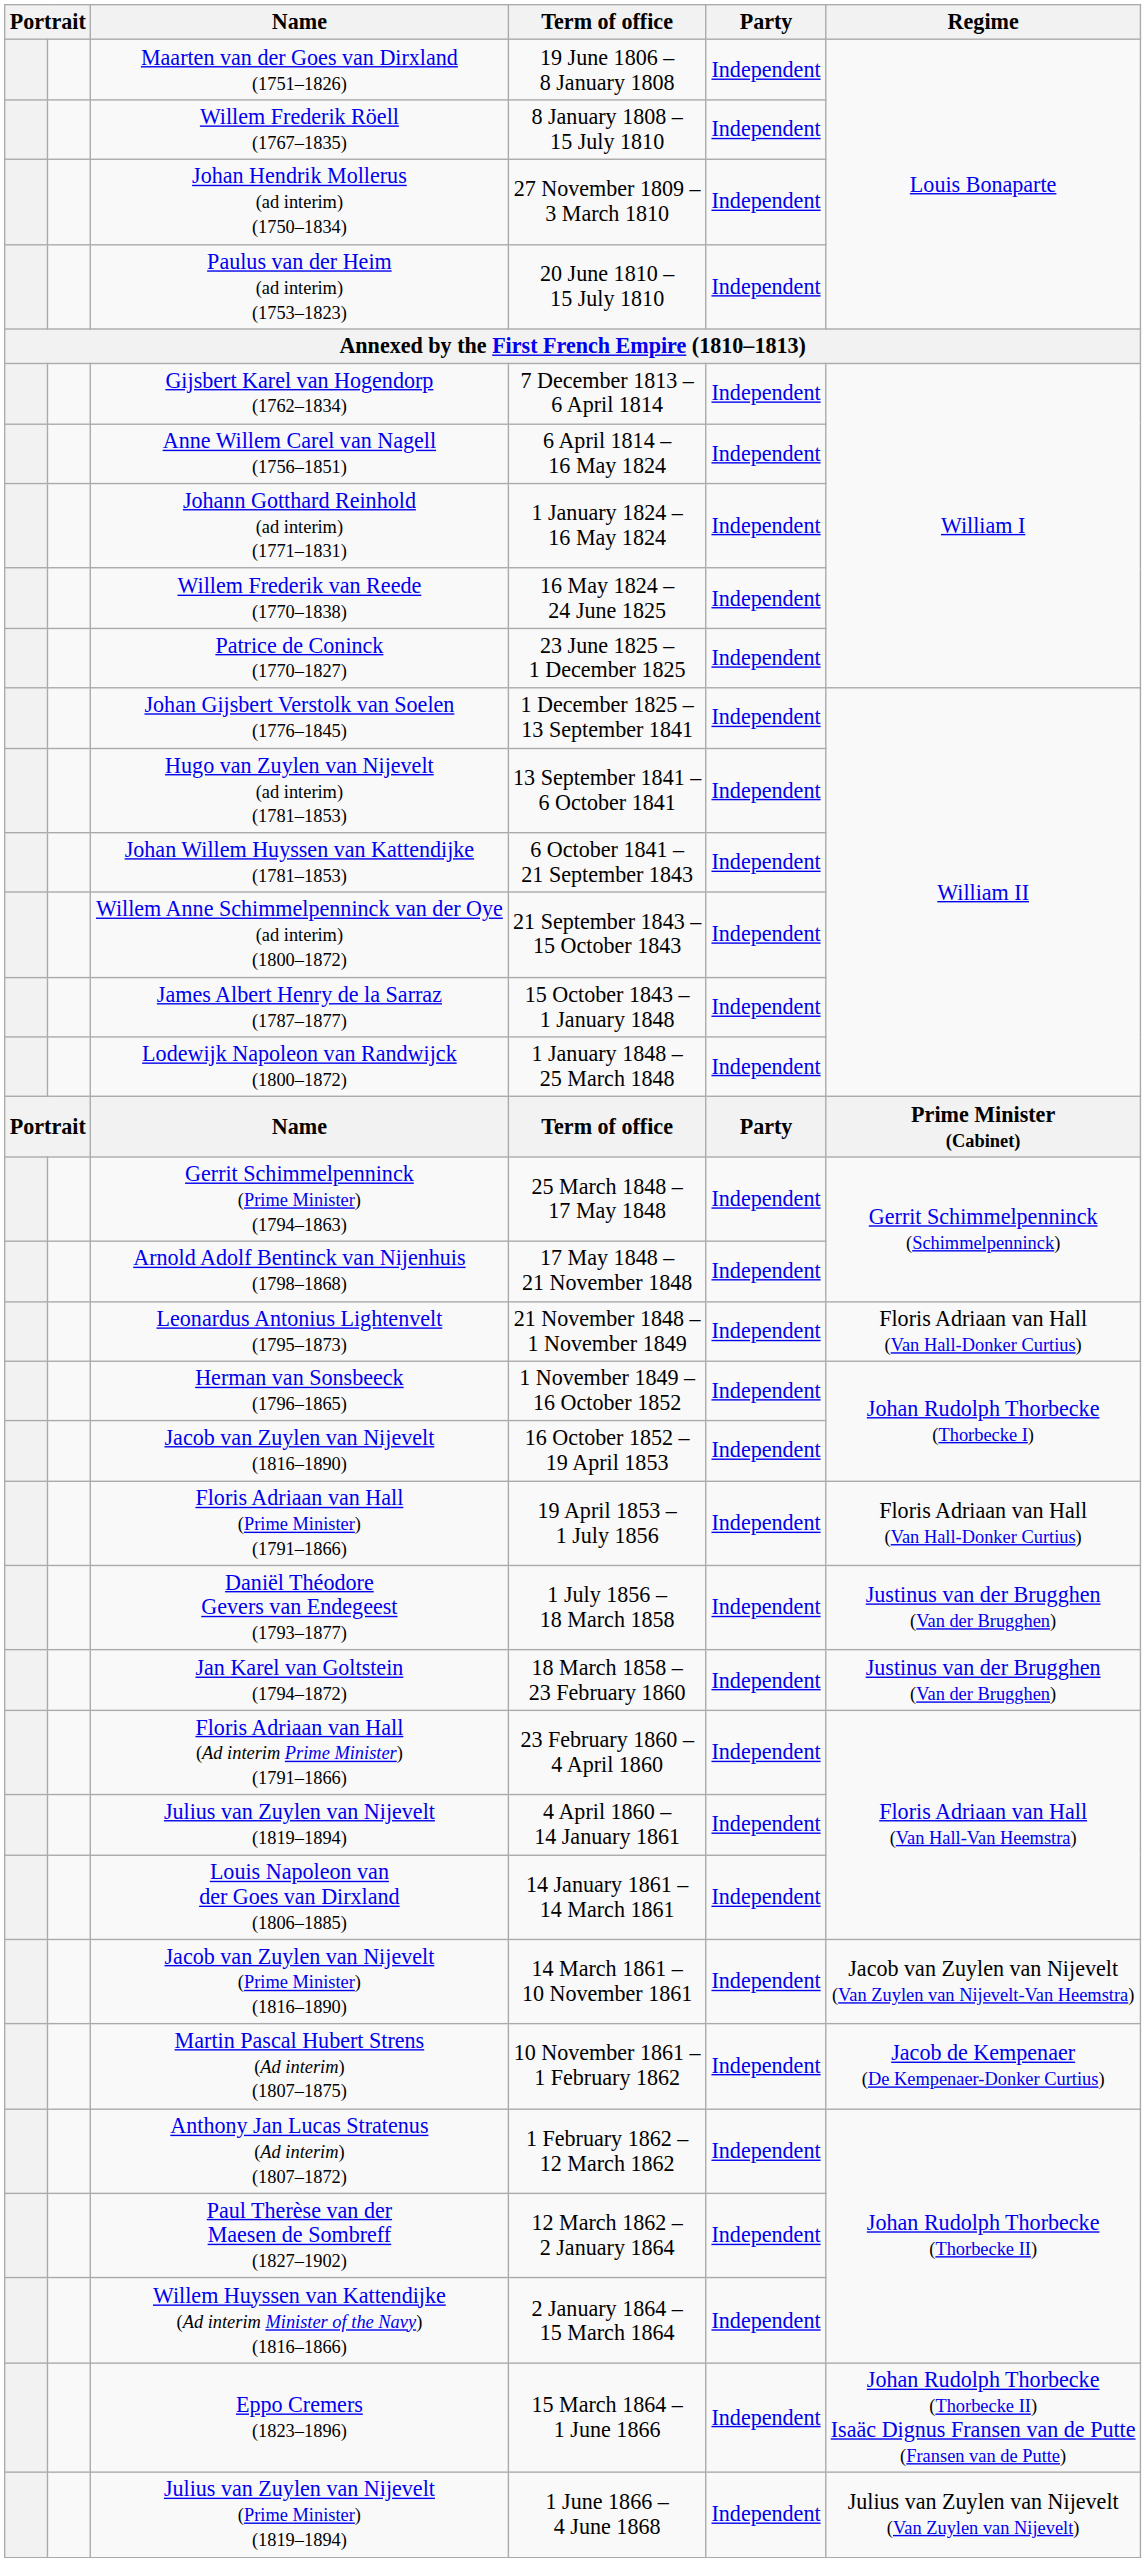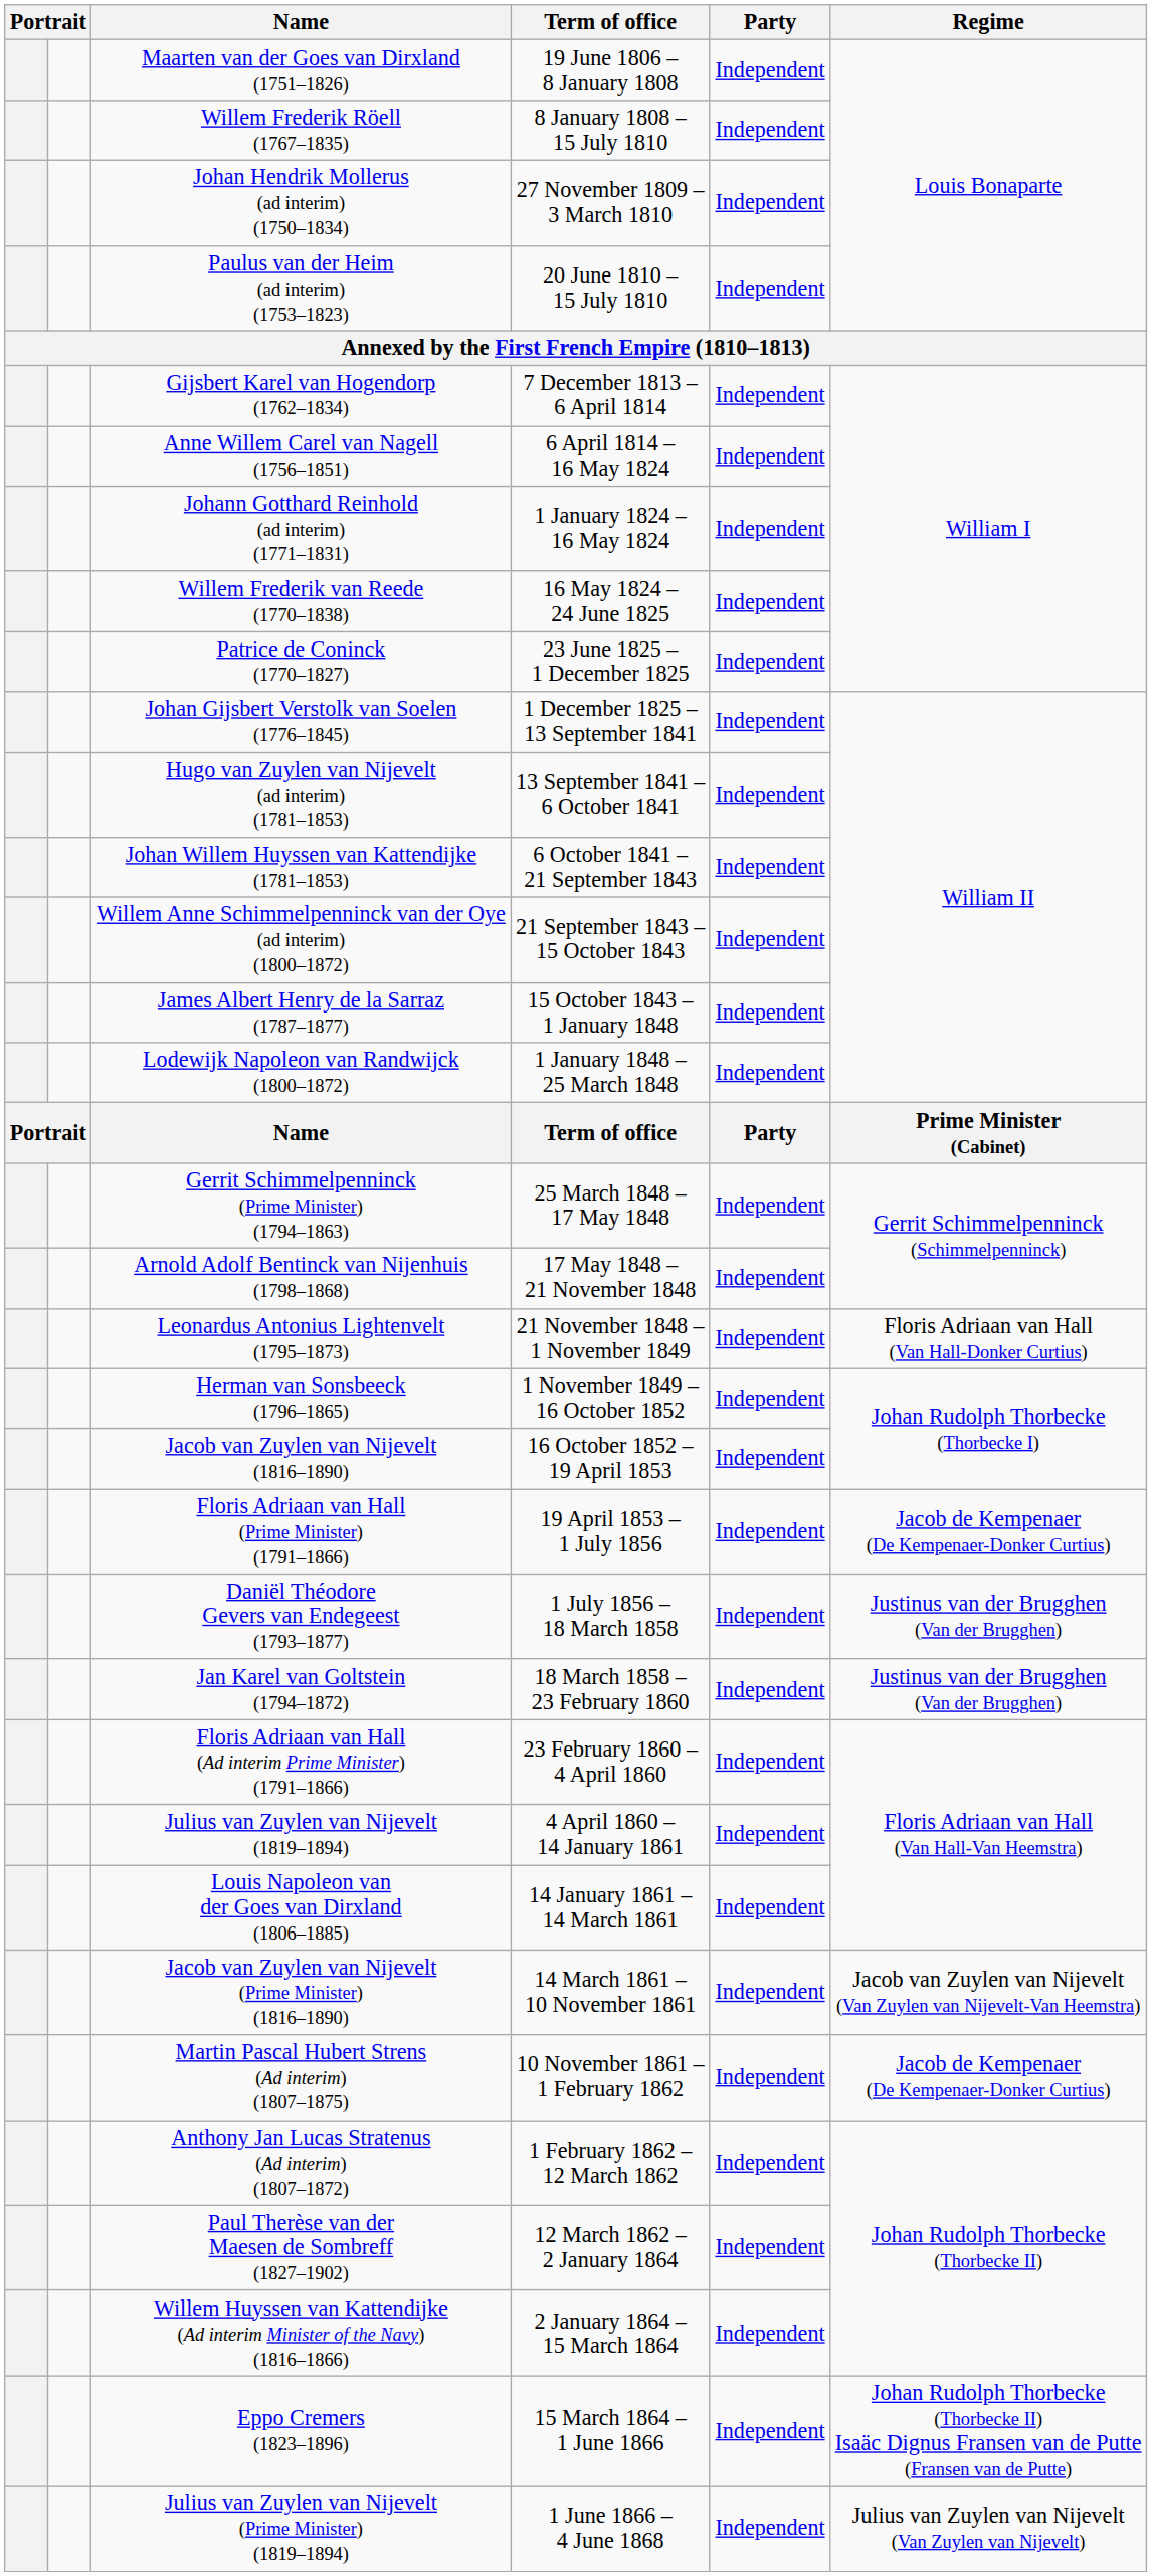 <table class="wikitable" style="text-align:center">
 <tr>
 <th colspan=2>Portrait</th>
 <th>Name</th>
 <th>Term of office</th>
 <th>Party</th>
 <th>Regime</th>
 </tr>
 <tr>
 <th style="background:"></th>
 <td></td>
 <td><a href='#'>Maarten van der Goes van Dirxland</a> <br> <small>(1751–1826)</small></td>
 <td>19 June 1806 – <br> 8 January 1808</td>
 <td><a href='#'>Independent</a></td>
 <td rowspan=4><a href='#'>Louis Bonaparte</a></td>
 </tr>
 <tr>
 <th style="background:"></th>
 <td></td>
 <td><a href='#'>Willem Frederik Röell</a> <br> <small>(1767–1835)</small></td>
 <td>8 January 1808 – <br> 15 July 1810</td>
 <td><a href='#'>Independent</a></td>
 </tr>
 <tr>
 <th style="background:"></th>
 <td></td>
 <td><a href='#'>Johan Hendrik Mollerus</a> <br> <small>(ad interim) <br> (1750–1834)</small></td>
 <td>27 November 1809 – <br> 3 March 1810</td>
 <td><a href='#'>Independent</a></td>
 </tr>
 <tr>
 <th style="background:"></th>
 <td></td>
 <td><a href='#'>Paulus van der Heim</a> <br> <small>(ad interim) <br> (1753–1823)</small></td>
 <td>20 June 1810 – <br> 15 July 1810</td>
 <td><a href='#'>Independent</a></td>
 </tr>
 <tr>
 <th colspan=6>Annexed by the <a href='#'>First French Empire</a> (1810–1813)</th>
 </tr>
 <tr>
 <th style="background:"></th>
 <td></td>
 <td><a href='#'>Gijsbert Karel van Hogendorp</a> <br> <small>(1762–1834)</small></td>
 <td>7 December 1813 – <br> 6 April 1814</td>
 <td><a href='#'>Independent</a></td>
 <td rowspan=6><a href='#'>William I</a></td>
 </tr>
 <tr>
 <th style="background:"></th>
 <td></td>
 <td><a href='#'>Anne Willem Carel van Nagell</a> <br> <small>(1756–1851)</small></td>
 <td>6 April 1814 – <br> 16 May 1824</td>
 <td><a href='#'>Independent</a></td>
 </tr>
 <tr>
 <th style="background:"></th>
 <td></td>
 <td><a href='#'>Johann Gotthard Reinhold</a> <br> <small>(ad interim) <br> (1771–1831)</small></td>
 <td>1 January 1824 – <br> 16 May 1824</td>
 <td><a href='#'>Independent</a></td>
 </tr>
 <tr>
 <th style="background:"></th>
 <td></td>
 <td><a href='#'>Willem Frederik van Reede</a> <br> <small>(1770–1838)</small></td>
 <td>16 May 1824 – <br> 24 June 1825</td>
 <td><a href='#'>Independent</a></td>
 </tr>
 <tr>
 <th style="background:"></th>
 <td></td>
 <td><a href='#'>Patrice de Coninck</a> <br> <small>(1770–1827)</small></td>
 <td>23 June 1825 – <br> 1 December 1825</td>
 <td><a href='#'>Independent</a></td>
 </tr>
 <tr>
 <th rowspan=2 style="background:"></th>
 <td rowspan=2></td>
 <td rowspan=2><a href='#'>Johan Gijsbert Verstolk van Soelen</a> <br> <small>(1776–1845)</small></td>
 <td rowspan=2>1 December 1825 – <br> 13 September 1841</td>
 <td rowspan=2><a href='#'>Independent</a></td>
 </tr>
 <tr>
 <td rowspan=6><a href='#'>William II</a></td>
 </tr>
 <tr>
 <th style="background:"></th>
 <td></td>
 <td><a href='#'>Hugo van Zuylen van Nijevelt</a> <br> <small>(ad interim) <br> (1781–1853)</small></td>
 <td>13 September 1841 – <br> 6 October 1841</td>
 <td><a href='#'>Independent</a></td>
 </tr>
 <tr>
 <th style="background:"></th>
 <td></td>
 <td><a href='#'>Johan Willem Huyssen van Kattendijke</a> <br> <small>(1781–1853)</small></td>
 <td>6 October 1841 – <br> 21 September 1843</td>
 <td><a href='#'>Independent</a></td>
 </tr>
 <tr>
 <th style="background:"></th>
 <td></td>
 <td><a href='#'>Willem Anne Schimmelpenninck van der Oye</a> <br> <small>(ad interim) <br> (1800–1872)</small></td>
 <td>21 September 1843 – <br> 15 October 1843</td>
 <td><a href='#'>Independent</a></td>
 </tr>
 <tr>
 <th style="background:"></th>
 <td></td>
 <td><a href='#'>James Albert Henry de la Sarraz</a> <br> <small>(1787–1877)</small></td>
 <td>15 October 1843 – <br> 1 January 1848</td>
 <td><a href='#'>Independent</a></td>
 </tr>
 <tr>
 <th style="background:"></th>
 <td></td>
 <td><a href='#'>Lodewijk Napoleon van Randwijck</a> <br> <small>(1800–1872)</small></td>
 <td>1 January 1848 – <br> 25 March 1848</td>
 <td><a href='#'>Independent</a></td>
 </tr>
 <tr>
 <th colspan=2>Portrait</th>
 <th>Name</th>
 <th>Term of office</th>
 <th>Party</th>
 <th>Prime Minister <br> <small>(Cabinet)</small></th>
 </tr>
 <tr>
 <th style="background:"></th>
 <td></td>
 <td><a href='#'>Gerrit Schimmelpenninck</a> <br> <small>(<a href='#'>Prime Minister</a>) <br> (1794–1863)</small></td>
 <td>25 March 1848 – <br> 17 May 1848 </td>
 <td><a href='#'>Independent</a></td>
 <td rowspan=2><a href='#'>Gerrit Schimmelpenninck</a> <br> <small>(<a href='#'>Schimmelpenninck</a>)</small></td>
 </tr>
 <tr>
 <th style="background:"></th>
 <td></td>
 <td><a href='#'>Arnold Adolf Bentinck van Nijenhuis</a> <br> <small>(1798–1868)</small></td>
 <td>17 May 1848 – <br> 21 November 1848</td>
 <td><a href='#'>Independent</a></td>
 </tr>
 <tr>
 <th style="background:"></th>
 <td></td>
 <td><a href='#'>Leonardus Antonius Lightenvelt</a> <br> <small>(1795–1873)</small></td>
 <td>21 November 1848 – <br> 1 November 1849</td>
 <td><a href='#'>Independent</a></td>
 <td>Floris Adriaan van Hall <br> <small>(<a href='#'>Van Hall-Donker Curtius</a>)</small></td>
 </tr>
 <tr>
 <th style="background:"></th>
 <td></td>
 <td><a href='#'>Herman van Sonsbeeck</a> <br> <small>(1796–1865)</small></td>
 <td>1 November 1849 – <br> 16 October 1852 </td>
 <td><a href='#'>Independent</a></td>
 <td rowspan=2><a href='#'>Johan Rudolph Thorbecke</a> <br> <small>(<a href='#'>Thorbecke I</a>)</small></td>
 </tr>
 <tr>
 <th style="background:"></th>
 <td></td>
 <td><a href='#'>Jacob van Zuylen van Nijevelt</a> <br> <small>(1816–1890)</small></td>
 <td>16 October 1852 – <br> 19 April 1853</td>
 <td><a href='#'>Independent</a></td>
 </tr>
 <tr>
 <th style="background:"></th>
 <td></td>
 <td><a href='#'>Floris Adriaan van Hall</a> <br> <small>(<a href='#'>Prime Minister</a>) <br> (1791–1866)</small></td>
 <td>19 April 1853 – <br> 1 July 1856</td>
 <td><a href='#'>Independent</a></td>
-<td>Floris Adriaan van Hall <br> <small>(<a href='#'>Van Hall-Donker Curtius</a>)</small></td>
+<td><a href='#'>Jacob de Kempenaer</a> <br> <small>(<a href='#'>De Kempenaer-Donker Curtius</a>)</small></td>
 </tr>
 <tr>
 <th style="background:"></th>
 <td></td>
 <td><a href='#'>Daniël Théodore <br> Gevers van Endegeest</a> <br> <small>(1793–1877)</small></td>
 <td>1 July 1856 – <br> 18 March 1858</td>
 <td><a href='#'>Independent</a></td>
 <td><a href='#'>Justinus van der Brugghen</a> <br> <small>(<a href='#'>Van der Brugghen</a>)</small></td>
 </tr>
 <tr>
 <th style="background:"></th>
 <td></td>
 <td><a href='#'>Jan Karel van Goltstein</a> <br> <small>(1794–1872)</small></td>
 <td>18 March 1858 – <br> 23 February 1860</td>
 <td><a href='#'>Independent</a></td>
 <td><a href='#'>Justinus van der Brugghen</a> <br> <small>(<a href='#'>Van der Brugghen</a>)</small></td>
 </tr>
 <tr>
 <th style="background:"></th>
 <td></td>
 <td><a href='#'>Floris Adriaan van Hall</a> <br> <small>(<em>Ad interim <a href='#'>Prime Minister</a></em>) <br> (1791–1866)</small></td>
 <td>23 February 1860 – <br> 4 April 1860</td>
 <td><a href='#'>Independent</a></td>
 <td rowspan=3><a href='#'>Floris Adriaan van Hall</a> <br> <small>(<a href='#'>Van Hall-Van Heemstra</a>)</small></td>
 </tr>
 <tr>
 <th style="background:"></th>
 <td></td>
 <td><a href='#'>Julius van Zuylen van Nijevelt</a> <br> <small>(1819–1894)</small></td>
 <td>4 April 1860 – <br> 14 January 1861 </td>
 <td><a href='#'>Independent</a></td>
 </tr>
 <tr>
 <th style="background:"></th>
 <td></td>
 <td><a href='#'>Louis Napoleon van <br> der Goes van Dirxland</a> <br> <small>(1806–1885)</small></td>
 <td>14 January 1861 – <br> 14 March 1861</td>
 <td><a href='#'>Independent</a></td>
 </tr>
 <tr>
 <th style="background:"></th>
 <td></td>
 <td><a href='#'>Jacob van Zuylen van Nijevelt</a> <br> <small>(<a href='#'>Prime Minister</a>) <br> (1816–1890)</small></td>
 <td>14 March 1861 – <br> 10 November 1861 </td>
 <td><a href='#'>Independent</a></td>
 <td>Jacob van Zuylen van Nijevelt <br> <small>(<a href='#'>Van Zuylen van Nijevelt-Van Heemstra</a>)</small></td>
 </tr>
 <tr>
 <th style="background:"></th>
 <td></td>
 <td><a href='#'>Martin Pascal Hubert Strens</a> <br> <small>(<em>Ad interim</em>) <br> (1807–1875)</small></td>
 <td>10 November 1861 – <br> 1 February 1862</td>
 <td><a href='#'>Independent</a></td>
 <td><a href='#'>Jacob de Kempenaer</a> <br> <small>(<a href='#'>De Kempenaer-Donker Curtius</a>)</small></td>
 </tr>
 <tr>
 <th style="background:"></th>
 <td></td>
 <td><a href='#'>Anthony Jan Lucas Stratenus</a> <br> <small>(<em>Ad interim</em>) <br> (1807–1872)</small></td>
 <td>1 February 1862 – <br> 12 March 1862</td>
 <td><a href='#'>Independent</a></td>
 <td rowspan=3><a href='#'>Johan Rudolph Thorbecke</a> <br> <small>(<a href='#'>Thorbecke II</a>)</small></td>
 </tr>
 <tr>
 <th style="background:"></th>
 <td></td>
 <td><a href='#'>Paul Therèse van der <br> Maesen de Sombreff</a> <br> <small>(1827–1902)</small></td>
 <td>12 March 1862 – <br> 2 January 1864 </td>
 <td><a href='#'>Independent</a></td>
 </tr>
 <tr>
 <th style="background:"></th>
 <td></td>
 <td><a href='#'>Willem Huyssen van Kattendijke</a> <br> <small>(<em>Ad interim <a href='#'>Minister of the Navy</a></em>) <br> (1816–1866)</small></td>
 <td>2 January 1864 – <br> 15 March 1864</td>
 <td><a href='#'>Independent</a></td>
 </tr>
 <tr>
 <th style="background:"></th>
 <td></td>
 <td><a href='#'>Eppo Cremers</a> <br> <small>(1823–1896)</small></td>
 <td>15 March 1864 – <br> 1 June 1866</td>
 <td><a href='#'>Independent</a></td>
 <td><a href='#'>Johan Rudolph Thorbecke</a> <br> <small>(<a href='#'>Thorbecke II</a>)</small> <br> <a href='#'>Isaäc Dignus Fransen van de Putte</a> <br> <small>(<a href='#'>Fransen van de Putte</a>)</small></td>
 </tr>
 <tr>
 <th style="background:"></th>
 <td></td>
 <td><a href='#'>Julius van Zuylen van Nijevelt</a> <br> <small>(<a href='#'>Prime Minister</a>) <br> (1819–1894)</small></td>
 <td>1 June 1866 – <br> 4 June 1868</td>
 <td><a href='#'>Independent</a></td>
 <td>Julius van Zuylen van Nijevelt <br> <small>(<a href='#'>Van Zuylen van Nijevelt</a>)</small></td>
 </tr>
 <tr>
 </tr>
 </table>
